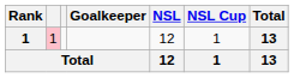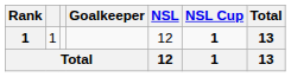 <table class="wikitable sortable" style="text-align:center">
 <tr>
 <th>Rank</th>
 <th></th>
 <th></th>
 <th>Goalkeeper</th>
 <th><a href='#'>NSL</a></th>
 <th><a href='#'>NSL Cup</a></th>
 <th>Total</th>
 </tr>
 <tr>
 <th>1</th>
-<td style="background: pink;">1</td>
+<td>1</td>
 <td></td>
 <td align="left"></td>
 <td>12</td>
-<td>1</td>
+<td><strong>1</strong></td>
 <th>13</th>
 </tr>
 <tr>
 <th colspan="4">Total</th>
 <th>12</th>
 <th>1</th>
 <th>13</th>
 </tr>
 </table>
